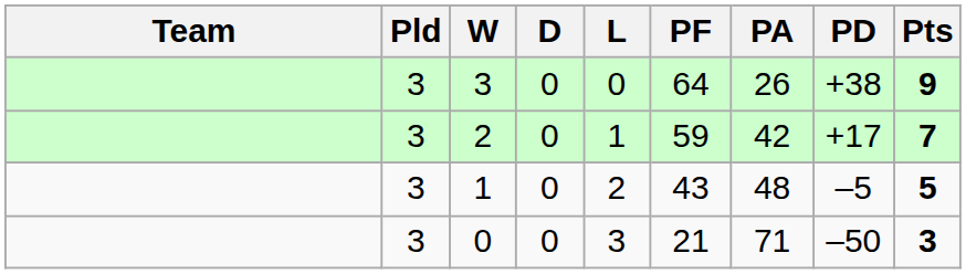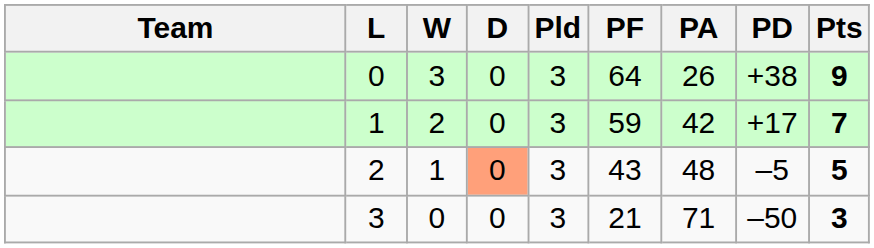 <table class="wikitable" style="text-align:center;">
 <tr>
 <th width=175>Team</th>
-<th width=25 abbr="Played">Pld</th>
+<th width=25 abbr="Lost">L</th>
 <th width=25 abbr="Won">W</th>
 <th width=25 abbr="Drawn">D</th>
-<th width=25 abbr="Lost">L</th>
+<th width=25 abbr="Played">Pld</th>
 <th width=32 abbr="Points for">PF</th>
 <th width=32 abbr="Points against">PA</th>
 <th width=32 abbr="Points difference">PD</th>
 <th width=25 abbr="Points">Pts</th>
 </tr>
 <tr bgcolor=ccffcc>
 <td align=left></td>
-<td>3</td>
+<td>0</td>
 <td>3</td>
 <td>0</td>
-<td>0</td>
+<td>3</td>
 <td>64</td>
 <td>26</td>
 <td>+38</td>
 <td><strong>9</strong></td>
 </tr>
 <tr bgcolor=ccffcc>
 <td align=left></td>
-<td>3</td>
+<td>1</td>
 <td>2</td>
 <td>0</td>
-<td>1</td>
+<td>3</td>
 <td>59</td>
 <td>42</td>
 <td>+17</td>
 <td><strong>7</strong></td>
 </tr>
 <tr>
 <td align=left></td>
+<td>2</td>
+<td>1</td>
+<td style="background: lightsalmon;">0</td>
 <td>3</td>
-<td>1</td>
-<td>0</td>
-<td>2</td>
 <td>43</td>
 <td>48</td>
 <td>–5</td>
 <td><strong>5</strong></td>
 </tr>
 <tr>
 <td align=left></td>
 <td>3</td>
 <td>0</td>
 <td>0</td>
 <td>3</td>
 <td>21</td>
 <td>71</td>
 <td>–50</td>
 <td><strong>3</strong></td>
 </tr>
 </table>
